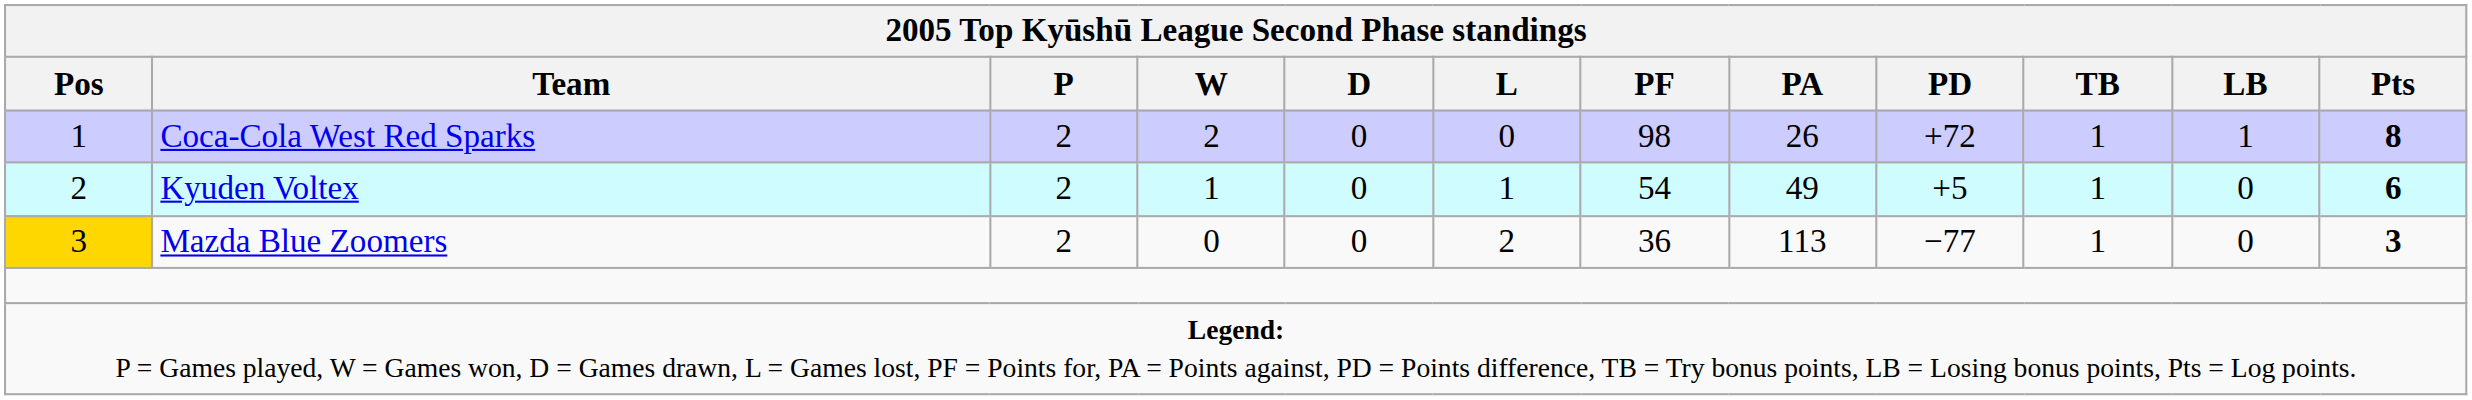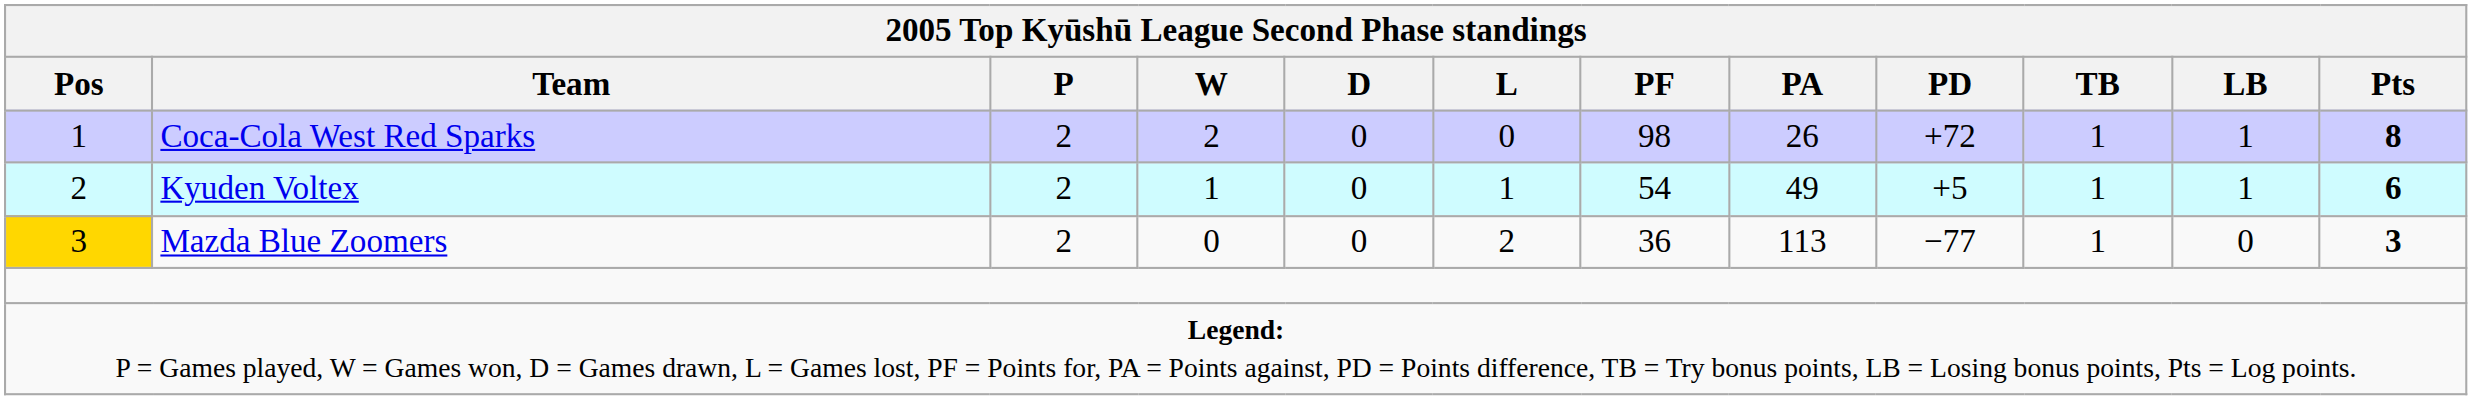 <table class="wikitable" style="text-align:center; font-size:100%; width:60%;">
 <tr>
 <th colspan="100%" cellpadding="0" cellspacing="0"><strong>2005 Top Kyūshū League Second Phase standings</strong></th>
 </tr>
 <tr>
 <th style="width:6%;">Pos</th>
 <th style="width:34%;">Team</th>
 <th style="width:6%;">P</th>
 <th style="width:6%;">W</th>
 <th style="width:6%;">D</th>
 <th style="width:6%;">L</th>
 <th style="width:6%;">PF</th>
 <th style="width:6%;">PA</th>
 <th style="width:6%;">PD</th>
 <th style="width:6%;">TB</th>
 <th style="width:6%;">LB</th>
 <th style="width:6%;">Pts<br></th>
 </tr>
 <tr style="background:#CCCCFF;">
 <td>1</td>
 <td style="text-align:left;"><a href='#'>Coca-Cola West Red Sparks</a></td>
 <td>2</td>
 <td>2</td>
 <td>0</td>
 <td>0</td>
 <td>98</td>
 <td>26</td>
 <td>+72</td>
 <td>1</td>
 <td>1</td>
 <td><strong>8</strong></td>
 </tr>
 <tr style="background:#CFFCFF;">
 <td>2</td>
 <td style="text-align:left;"><a href='#'>Kyuden Voltex</a></td>
 <td>2</td>
 <td>1</td>
 <td>0</td>
 <td>1</td>
 <td>54</td>
 <td>49</td>
 <td>+5</td>
 <td>1</td>
-<td>0</td>
+<td>1</td>
 <td><strong>6</strong></td>
 </tr>
 <tr>
 <td style="background: gold;">3</td>
 <td style="text-align:left;"><a href='#'>Mazda Blue Zoomers</a></td>
 <td>2</td>
 <td>0</td>
 <td>0</td>
 <td>2</td>
 <td>36</td>
 <td>113</td>
 <td>−77</td>
 <td>1</td>
 <td>0</td>
 <td><strong>3</strong></td>
 </tr>
 <tr>
 <td colspan="100%" style="height:10px;"></td>
 </tr>
 <tr>
 <td colspan="100%"><small><strong>Legend:</strong> <br> P = Games played, W = Games won, D = Games drawn, L = Games lost, PF = Points for, PA = Points against, PD = Points difference, TB = Try bonus points, LB = Losing bonus points, Pts = Log points.</small></td>
 </tr>
 </table>
